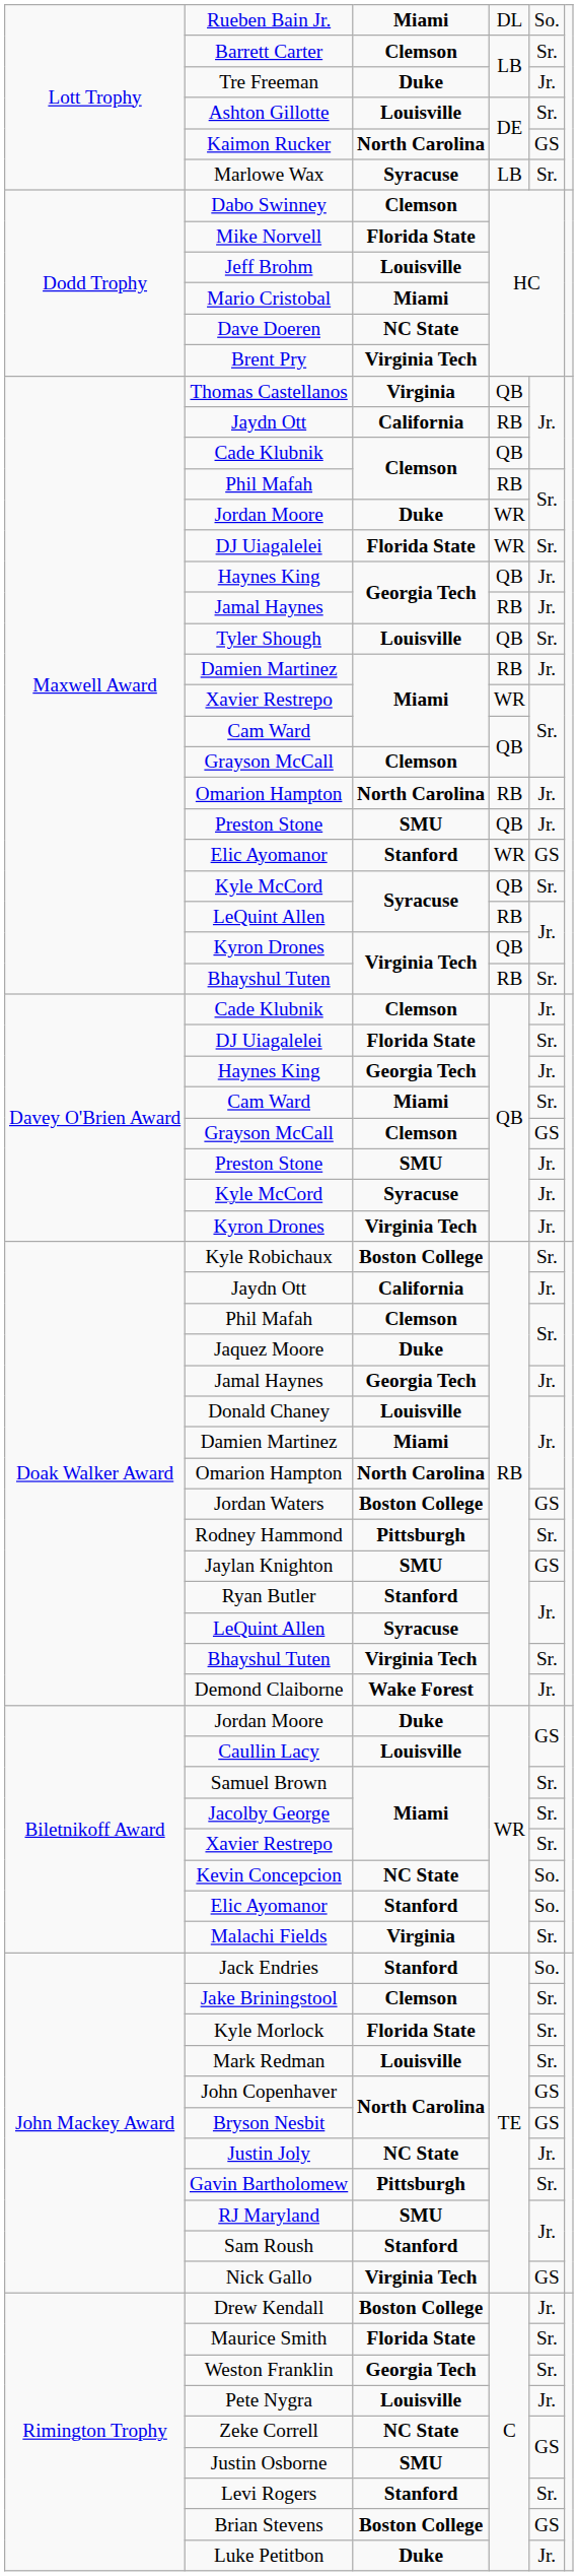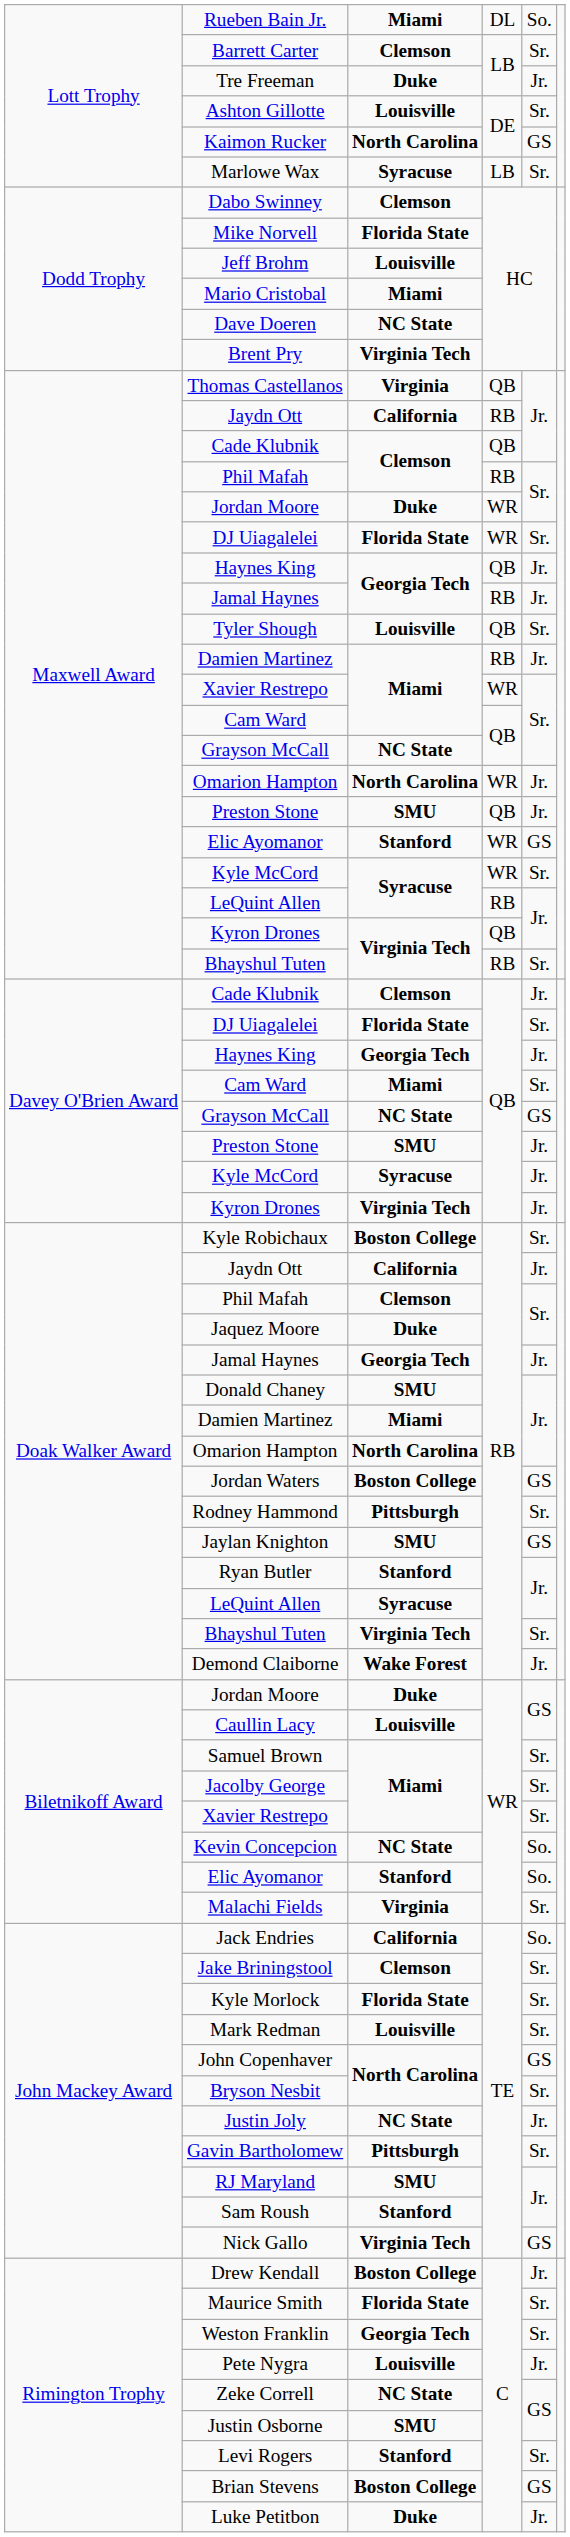 <table class="wikitable" style="text-align:center;">
 <tr>
 <td rowspan=6><a href='#'>Lott Trophy</a></td>
 <td><a href='#'>Rueben Bain Jr.</a></td>
 <td><strong>Miami</strong></td>
 <td>DL</td>
 <td>So.</td>
 <td rowspan=6></td>
 </tr>
 <tr>
 <td><a href='#'>Barrett Carter</a></td>
 <td><strong>Clemson</strong></td>
 <td rowspan=2>LB</td>
 <td>Sr.</td>
 </tr>
 <tr>
 <td>Tre Freeman</td>
 <td><strong>Duke</strong></td>
 <td>Jr.</td>
 </tr>
 <tr>
 <td><a href='#'>Ashton Gillotte</a></td>
 <td><strong>Louisville</strong></td>
 <td rowspan=2>DE</td>
 <td>Sr.</td>
 </tr>
 <tr>
 <td><a href='#'>Kaimon Rucker</a></td>
 <td><strong>North Carolina</strong></td>
 <td>GS</td>
 </tr>
 <tr>
 <td>Marlowe Wax</td>
 <td><strong>Syracuse</strong></td>
 <td>LB</td>
 <td>Sr.</td>
 </tr>
 <tr>
 <td rowspan=6><a href='#'>Dodd Trophy</a></td>
 <td><a href='#'>Dabo Swinney</a></td>
 <td><strong>Clemson</strong></td>
 <td colspan=2, rowspan=6>HC</td>
 <td rowspan=6></td>
 </tr>
 <tr>
 <td><a href='#'>Mike Norvell</a></td>
 <td><strong>Florida State</strong></td>
 </tr>
 <tr>
 <td><a href='#'>Jeff Brohm</a></td>
 <td><strong>Louisville</strong></td>
 </tr>
 <tr>
 <td><a href='#'>Mario Cristobal</a></td>
 <td><strong>Miami</strong></td>
 </tr>
 <tr>
 <td><a href='#'>Dave Doeren</a></td>
 <td><strong>NC State</strong></td>
 </tr>
 <tr>
 <td><a href='#'>Brent Pry</a></td>
 <td><strong>Virginia Tech</strong></td>
 </tr>
 <tr>
 <td rowspan=20><a href='#'>Maxwell Award</a></td>
 <td><a href='#'>Thomas Castellanos</a></td>
 <td><strong>Virginia</strong></td>
 <td>QB</td>
 <td rowspan=3>Jr.</td>
 <td rowspan=20></td>
 </tr>
 <tr>
 <td><a href='#'>Jaydn Ott</a></td>
 <td><strong>California</strong></td>
 <td>RB</td>
 </tr>
 <tr>
 <td><a href='#'>Cade Klubnik</a></td>
 <td rowspan=2><strong>Clemson</strong></td>
 <td>QB</td>
 </tr>
 <tr>
 <td><a href='#'>Phil Mafah</a></td>
 <td>RB</td>
 <td rowspan=2>Sr.</td>
 </tr>
 <tr>
 <td><a href='#'>Jordan Moore</a></td>
 <td><strong>Duke</strong></td>
 <td>WR</td>
 </tr>
 <tr>
 <td><a href='#'>DJ Uiagalelei</a></td>
 <td><strong>Florida State</strong></td>
 <td>WR</td>
 <td> Sr.</td>
 </tr>
 <tr>
 <td><a href='#'>Haynes King</a></td>
 <td rowspan=2><strong>Georgia Tech</strong></td>
 <td>QB</td>
 <td>Jr.</td>
 </tr>
 <tr>
 <td><a href='#'>Jamal Haynes</a></td>
 <td>RB</td>
 <td> Jr.</td>
 </tr>
 <tr>
 <td><a href='#'>Tyler Shough</a></td>
 <td><strong>Louisville</strong></td>
 <td>QB</td>
 <td>Sr.</td>
 </tr>
 <tr>
 <td><a href='#'>Damien Martinez</a></td>
 <td rowspan=3><strong>Miami</strong></td>
 <td>RB</td>
 <td>Jr.</td>
 </tr>
 <tr>
 <td><a href='#'>Xavier Restrepo</a></td>
 <td>WR</td>
 <td rowspan=3>Sr.</td>
 </tr>
 <tr>
 <td><a href='#'>Cam Ward</a></td>
 <td rowspan=2>QB</td>
 </tr>
 <tr>
 <td><a href='#'>Grayson McCall</a></td>
-<td><strong>Clemson</strong></td>
+<td><strong>NC State</strong></td>
 </tr>
 <tr>
 <td><a href='#'>Omarion Hampton</a></td>
 <td><strong>North Carolina</strong></td>
-<td>RB</td>
+<td>WR</td>
 <td>Jr.</td>
 </tr>
 <tr>
 <td><a href='#'>Preston Stone</a></td>
 <td><strong>SMU</strong></td>
 <td>QB</td>
 <td> Jr.</td>
 </tr>
 <tr>
 <td><a href='#'>Elic Ayomanor</a></td>
 <td><strong>Stanford</strong></td>
 <td>WR</td>
 <td>GS</td>
 </tr>
 <tr>
 <td><a href='#'>Kyle McCord</a></td>
 <td rowspan=2><strong>Syracuse</strong></td>
-<td>QB</td>
+<td>WR</td>
 <td>Sr.</td>
 </tr>
 <tr>
 <td><a href='#'>LeQuint Allen</a></td>
 <td>RB</td>
 <td rowspan=2>Jr.</td>
 </tr>
 <tr>
 <td><a href='#'>Kyron Drones</a></td>
 <td rowspan=2><strong>Virginia Tech</strong></td>
 <td>QB</td>
 </tr>
 <tr>
 <td><a href='#'>Bhayshul Tuten</a></td>
 <td>RB</td>
 <td>Sr.</td>
 </tr>
 <tr>
 <td rowspan=8><a href='#'>Davey O'Brien Award</a></td>
 <td><a href='#'>Cade Klubnik</a></td>
 <td><strong>Clemson</strong></td>
 <td rowspan=8>QB</td>
 <td>Jr.</td>
 <td rowspan=8></td>
 </tr>
 <tr>
 <td><a href='#'>DJ Uiagalelei</a></td>
 <td><strong>Florida State</strong></td>
 <td> Sr.</td>
 </tr>
 <tr>
 <td><a href='#'>Haynes King</a></td>
 <td><strong>Georgia Tech</strong></td>
 <td> Jr.</td>
 </tr>
 <tr>
 <td><a href='#'>Cam Ward</a></td>
 <td><strong>Miami</strong></td>
 <td>Sr.</td>
 </tr>
 <tr>
 <td><a href='#'>Grayson McCall</a></td>
-<td><strong>Clemson</strong></td>
+<td><strong>NC State</strong></td>
 <td>GS</td>
 </tr>
 <tr>
 <td><a href='#'>Preston Stone</a></td>
 <td><strong>SMU</strong></td>
 <td> Jr.</td>
 </tr>
 <tr>
 <td><a href='#'>Kyle McCord</a></td>
 <td><strong>Syracuse</strong></td>
 <td>Jr.</td>
 </tr>
 <tr>
 <td><a href='#'>Kyron Drones</a></td>
 <td><strong>Virginia Tech</strong></td>
 <td> Jr.</td>
 </tr>
 <tr>
 <td rowspan=15><a href='#'>Doak Walker Award</a></td>
 <td>Kyle Robichaux</td>
 <td><strong>Boston College</strong></td>
 <td rowspan=15>RB</td>
 <td>Sr.</td>
 <td rowspan=15></td>
 </tr>
 <tr>
 <td>Jaydn Ott</td>
 <td><strong>California</strong></td>
 <td>Jr.</td>
 </tr>
 <tr>
 <td>Phil Mafah</td>
 <td><strong>Clemson</strong></td>
 <td rowspan=2>Sr.</td>
 </tr>
 <tr>
 <td>Jaquez Moore</td>
 <td><strong>Duke</strong></td>
 </tr>
 <tr>
 <td>Jamal Haynes</td>
 <td><strong>Georgia Tech</strong></td>
 <td> Jr.</td>
 </tr>
 <tr>
 <td>Donald Chaney</td>
-<td><strong>Louisville</strong></td>
+<td><strong>SMU</strong></td>
 <td rowspan=3>Jr.</td>
 </tr>
 <tr>
 <td>Damien Martinez</td>
 <td><strong>Miami</strong></td>
 </tr>
 <tr>
 <td>Omarion Hampton</td>
 <td><strong>North Carolina</strong></td>
 </tr>
 <tr>
 <td>Jordan Waters</td>
 <td><strong>Boston College</strong></td>
 <td>GS</td>
 </tr>
 <tr>
 <td>Rodney Hammond</td>
 <td><strong>Pittsburgh</strong></td>
 <td>Sr.</td>
 </tr>
 <tr>
 <td>Jaylan Knighton</td>
 <td><strong>SMU</strong></td>
 <td>GS</td>
 </tr>
 <tr>
 <td>Ryan Butler</td>
 <td><strong>Stanford</strong></td>
 <td rowspan=2>Jr.</td>
 </tr>
 <tr>
 <td><a href='#'>LeQuint Allen</a></td>
 <td><strong>Syracuse</strong></td>
 </tr>
 <tr>
 <td><a href='#'>Bhayshul Tuten</a></td>
 <td><strong>Virginia Tech</strong></td>
 <td>Sr.</td>
 </tr>
 <tr>
 <td>Demond Claiborne</td>
 <td><strong>Wake Forest</strong></td>
 <td>Jr.</td>
 </tr>
 <tr>
 <td rowspan=8><a href='#'>Biletnikoff Award</a></td>
 <td>Jordan Moore</td>
 <td><strong>Duke</strong></td>
 <td rowspan=8>WR</td>
 <td rowspan=2>GS</td>
 <td rowspan=8></td>
 </tr>
 <tr>
 <td><a href='#'>Caullin Lacy</a></td>
 <td><strong>Louisville</strong></td>
 </tr>
 <tr>
 <td>Samuel Brown</td>
 <td rowspan=3><strong>Miami</strong></td>
 <td> Sr.</td>
 </tr>
 <tr>
 <td><a href='#'>Jacolby George</a></td>
 <td>Sr.</td>
 </tr>
 <tr>
 <td><a href='#'>Xavier Restrepo</a></td>
 <td> Sr.</td>
 </tr>
 <tr>
 <td><a href='#'>Kevin Concepcion</a></td>
 <td><strong>NC State</strong></td>
 <td>So.</td>
 </tr>
 <tr>
 <td><a href='#'>Elic Ayomanor</a></td>
 <td><strong>Stanford</strong></td>
 <td> So.</td>
 </tr>
 <tr>
 <td><a href='#'>Malachi Fields</a></td>
 <td><strong>Virginia</strong></td>
 <td>Sr.</td>
 </tr>
 <tr>
 <td rowspan= 11><a href='#'>John Mackey Award</a></td>
 <td>Jack Endries</td>
-<td><strong>Stanford</strong></td>
+<td><strong>California</strong></td>
 <td rowspan=11>TE</td>
 <td>So.</td>
 <td rowspan=11></td>
 </tr>
 <tr>
 <td><a href='#'>Jake Briningstool</a></td>
 <td><strong>Clemson</strong></td>
 <td>Sr.</td>
 </tr>
 <tr>
 <td>Kyle Morlock</td>
 <td><strong>Florida State</strong></td>
 <td> Sr.</td>
 </tr>
 <tr>
 <td>Mark Redman</td>
 <td><strong>Louisville</strong></td>
 <td>Sr.</td>
 </tr>
 <tr>
 <td>John Copenhaver</td>
 <td rowspan=2><strong>North Carolina</strong></td>
 <td>GS</td>
 </tr>
 <tr>
 <td><a href='#'>Bryson Nesbit</a></td>
-<td>GS</td>
+<td>Sr.</td>
 </tr>
 <tr>
 <td><a href='#'>Justin Joly</a></td>
 <td><strong>NC State</strong></td>
 <td>Jr.</td>
 </tr>
 <tr>
 <td><a href='#'>Gavin Bartholomew</a></td>
 <td><strong>Pittsburgh</strong></td>
 <td>Sr.</td>
 </tr>
 <tr>
 <td><a href='#'>RJ Maryland</a></td>
 <td><strong>SMU</strong></td>
 <td rowspan=2>Jr.</td>
 </tr>
 <tr>
 <td>Sam Roush</td>
 <td><strong>Stanford</strong></td>
 </tr>
 <tr>
 <td>Nick Gallo</td>
 <td><strong>Virginia Tech</strong></td>
 <td>GS</td>
 </tr>
 <tr>
 <td rowspan=9><a href='#'>Rimington Trophy</a></td>
 <td>Drew Kendall</td>
 <td><strong>Boston College</strong></td>
 <td rowspan=9>C</td>
 <td> Jr.</td>
 <td rowspan=9></td>
 </tr>
 <tr>
 <td>Maurice Smith</td>
 <td><strong>Florida State</strong></td>
 <td> Sr.</td>
 </tr>
 <tr>
 <td>Weston Franklin</td>
 <td><strong>Georgia Tech</strong></td>
 <td>Sr.</td>
 </tr>
 <tr>
 <td>Pete Nygra</td>
 <td><strong>Louisville</strong></td>
 <td> Jr.</td>
 </tr>
 <tr>
 <td>Zeke Correll</td>
 <td><strong>NC State</strong></td>
 <td rowspan=2>GS</td>
 </tr>
 <tr>
 <td>Justin Osborne</td>
 <td><strong>SMU</strong></td>
 </tr>
 <tr>
 <td>Levi Rogers</td>
 <td><strong>Stanford</strong></td>
 <td> Sr.</td>
 </tr>
 <tr>
 <td>Brian Stevens</td>
 <td><strong>Boston College</strong></td>
 <td>GS</td>
 </tr>
 <tr>
 <td>Luke Petitbon</td>
 <td><strong>Duke</strong></td>
 <td>Jr.</td>
 </tr>
 </table>
